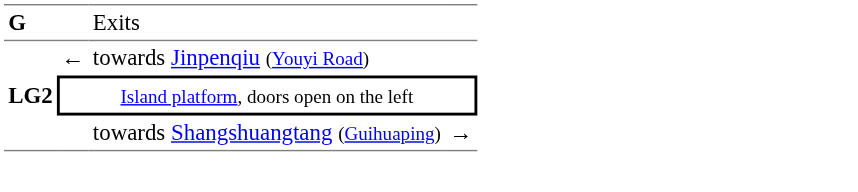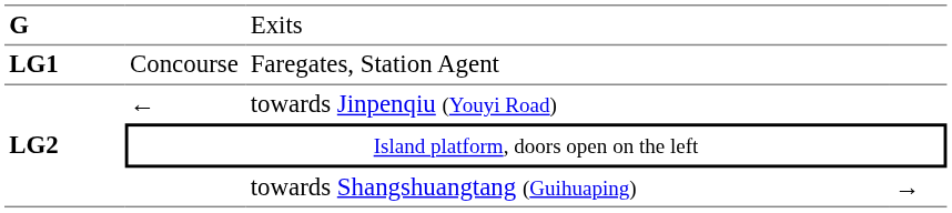 <table table border=0 cellspacing=0 cellpadding=3>
 <tr>
 <td style="border-bottom:solid 1px gray; border-top:solid 1px gray;" valign=top><strong>G</strong></td>
 <td style="border-bottom:solid 1px gray; border-top:solid 1px gray;" valign=top></td>
 <td style="border-bottom:solid 1px gray; border-top:solid 1px gray;" valign=top>Exits</td>
 <td style="border-bottom:solid 1px gray; border-top:solid 1px gray;" valign=top></td>
+</tr>
+<tr>
+<td style="border-bottom:solid 1px gray;" width=70><strong>LG1</strong></td>
+<td style="border-bottom:solid 1px gray;" width=70>Concourse</td>
+<td style="border-bottom:solid 1px gray;" width=400>Faregates, Station Agent</td>
+<td style="border-bottom:solid 1px gray;" width=30></td>
 </tr>
 <tr>
 <td style="border-bottom:solid 1px gray;" rowspan=3><strong>LG2</strong></td>
 <td>←</td>
 <td> towards <a href='#'>Jinpenqiu</a> <small>(<a href='#'>Youyi Road</a>)</small></td>
 <td></td>
 </tr>
 <tr>
 <td style="border-right:solid 2px black;border-left:solid 2px black;border-top:solid 2px black;border-bottom:solid 2px black;text-align:center;" colspan=3><small><a href='#'>Island platform</a>, doors open on the left</small></td>
 </tr>
 <tr>
 <td style="border-bottom:solid 1px gray;"></td>
 <td style="border-bottom:solid 1px gray;"> towards <a href='#'>Shangshuangtang</a> <small>(<a href='#'>Guihuaping</a>)</small></td>
 <td style="border-bottom:solid 1px gray;">→</td>
 </tr>
 <tr>
 </tr>
 </table>
